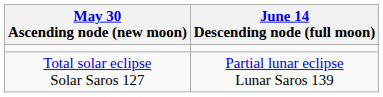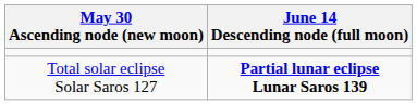 <table class="wikitable">
 <tr>
 <th><a href='#'>May 30</a><br>Ascending node (new moon)<br></th>
 <th><a href='#'>June 14</a><br>Descending node (full moon)</th>
 </tr>
 <tr>
 <td></td>
 <td></td>
 </tr>
 <tr align=center>
 <td><a href='#'>Total solar eclipse</a><br>Solar Saros 127</td>
-<td><a href='#'>Partial lunar eclipse</a><br>Lunar Saros 139</td>
+<td><strong><a href='#'>Partial lunar eclipse</a><br>Lunar Saros 139</strong></td>
 </tr>
 </table>
